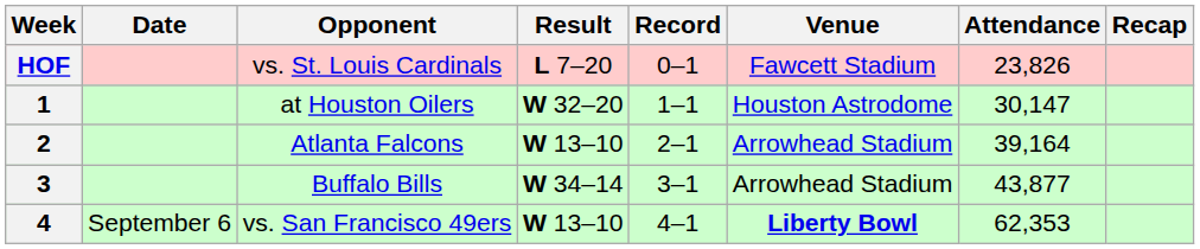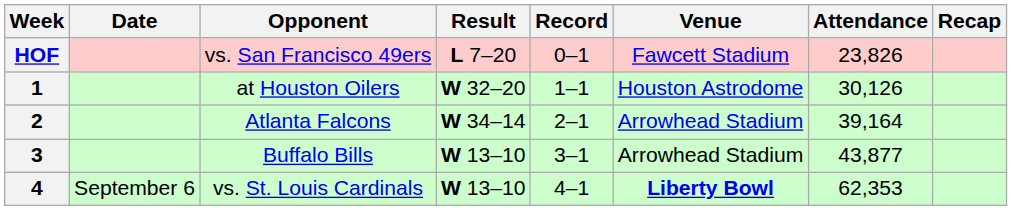 <table class="wikitable" style="text-align:center">
 <tr>
 <th>Week</th>
 <th>Date</th>
 <th>Opponent</th>
 <th>Result</th>
 <th>Record</th>
 <th>Venue</th>
 <th>Attendance</th>
 <th>Recap</th>
 </tr>
 <tr style="background:#fcc">
 <th><a href='#'>HOF</a></th>
 <td></td>
-<td>vs. <a href='#'>St. Louis Cardinals</a></td>
+<td>vs. <a href='#'>San Francisco 49ers</a></td>
 <td><strong>L</strong> 7–20</td>
 <td>0–1</td>
 <td><a href='#'>Fawcett Stadium</a> </td>
 <td>23,826</td>
 <td></td>
 </tr>
 <tr style="background:#cfc">
 <th>1</th>
 <td></td>
 <td>at <a href='#'>Houston Oilers</a></td>
 <td><strong>W</strong> 32–20</td>
 <td>1–1</td>
 <td><a href='#'>Houston Astrodome</a></td>
-<td>30,147</td>
+<td>30,126</td>
 <td></td>
 </tr>
 <tr style="background:#cfc">
 <th>2</th>
 <td></td>
 <td><a href='#'>Atlanta Falcons</a></td>
-<td><strong>W</strong> 13–10</td>
+<td><strong>W</strong> 34–14</td>
 <td>2–1</td>
 <td><a href='#'>Arrowhead Stadium</a></td>
 <td>39,164</td>
 <td></td>
 </tr>
 <tr style="background:#cfc">
 <th>3</th>
 <td></td>
 <td><a href='#'>Buffalo Bills</a></td>
-<td><strong>W</strong> 34–14</td>
+<td><strong>W</strong> 13–10</td>
 <td>3–1</td>
 <td>Arrowhead Stadium</td>
 <td>43,877</td>
 <td></td>
 </tr>
 <tr style="background:#cfc">
 <th>4</th>
 <td>September 6</td>
-<td>vs. <a href='#'>San Francisco 49ers</a></td>
+<td>vs. <a href='#'>St. Louis Cardinals</a></td>
 <td><strong>W</strong> 13–10 </td>
 <td>4–1</td>
 <td><strong><a href='#'>Liberty Bowl</a> </strong></td>
 <td>62,353</td>
 <td></td>
 </tr>
 </table>
